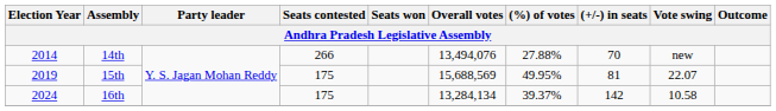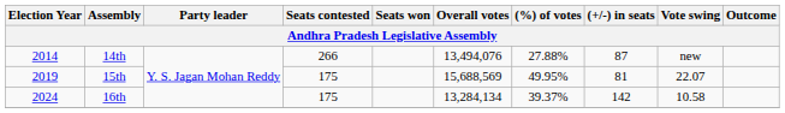 <table class="wikitable" style="text-align:center">
 <tr>
 <th Style="background-color:">Election Year</th>
 <th Style="background-color:">Assembly</th>
 <th style="background-color:">Party leader</th>
 <th style="background-color:">Seats contested</th>
 <th style="background-color:">Seats won</th>
 <th style="background-color:">Overall votes</th>
 <th Style="background-color:">(%) of votes</th>
 <th Style="background-color:">(+/-) in seats</th>
 <th Style="background-color:">Vote swing</th>
 <th Style="background-color:">Outcome</th>
 </tr>
 <tr>
 <th colspan="10"><a href='#'>Andhra Pradesh Legislative Assembly</a></th>
 </tr>
 <tr>
 <td><a href='#'>2014</a></td>
 <td><a href='#'>14th</a></td>
 <td rowspan="3"><a href='#'>Y. S. Jagan Mohan Reddy</a></td>
 <td>266</td>
 <td></td>
 <td>13,494,076</td>
 <td>27.88%</td>
-<td> 70</td>
+<td> 87</td>
 <td> new</td>
 <td></td>
 </tr>
 <tr>
 <td><a href='#'>2019</a></td>
 <td><a href='#'>15th</a></td>
 <td>175</td>
 <td></td>
 <td>15,688,569</td>
 <td>49.95%</td>
 <td> 81</td>
 <td> 22.07</td>
 <td></td>
 </tr>
 <tr>
 <td><a href='#'>2024</a></td>
 <td><a href='#'>16th</a></td>
 <td>175</td>
 <td></td>
 <td>13,284,134</td>
 <td>39.37%</td>
 <td> 142</td>
 <td>10.58</td>
 <td></td>
 </tr>
 <tr>
 </tr>
 </table>
